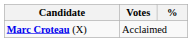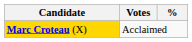 <table class="wikitable">
 <tr>
 <th style="width: 170px">Candidate</th>
 <th style="width: 50px">Votes</th>
 <th style="width: 40px">%</th>
 </tr>
 <tr>
-<td><strong><a href='#'>Marc Croteau</a></strong> (X)</td>
+<td style="background: gold;"><strong><a href='#'>Marc Croteau</a></strong> (X)</td>
 <td colspan="2">Acclaimed</td>
 </tr>
 </table>
